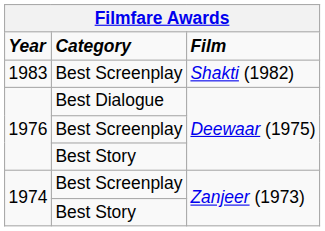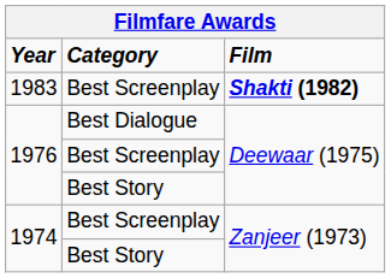 <table class="wikitable">
 <tr>
 <th colspan="4"><a href='#'>Filmfare Awards</a></th>
 </tr>
 <tr>
 <td><strong><em>Year</em></strong></td>
 <td><strong><em>Category</em></strong></td>
 <td><strong><em>Film</em></strong></td>
 </tr>
 <tr>
 <td>1983</td>
 <td>Best Screenplay</td>
-<td><em><a href='#'>Shakti</a></em> (1982)</td>
+<td><strong><em><a href='#'>Shakti</a></em> (1982)</strong></td>
 </tr>
 <tr>
 <td rowspan="3">1976</td>
 <td>Best Dialogue</td>
 <td rowspan="3"><em><a href='#'>Deewaar</a></em> (1975)</td>
 </tr>
 <tr>
 <td>Best Screenplay</td>
 </tr>
 <tr>
 <td>Best Story</td>
 </tr>
 <tr>
 <td rowspan="2">1974</td>
 <td>Best Screenplay</td>
 <td rowspan="2"><em><a href='#'>Zanjeer</a></em> (1973)</td>
 </tr>
 <tr>
 <td>Best Story</td>
 </tr>
 </table>
